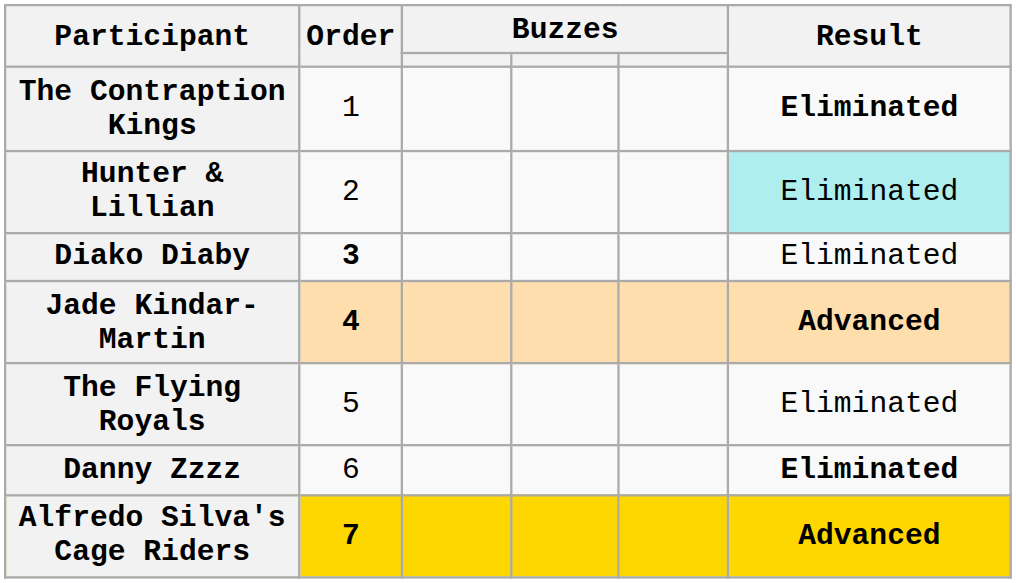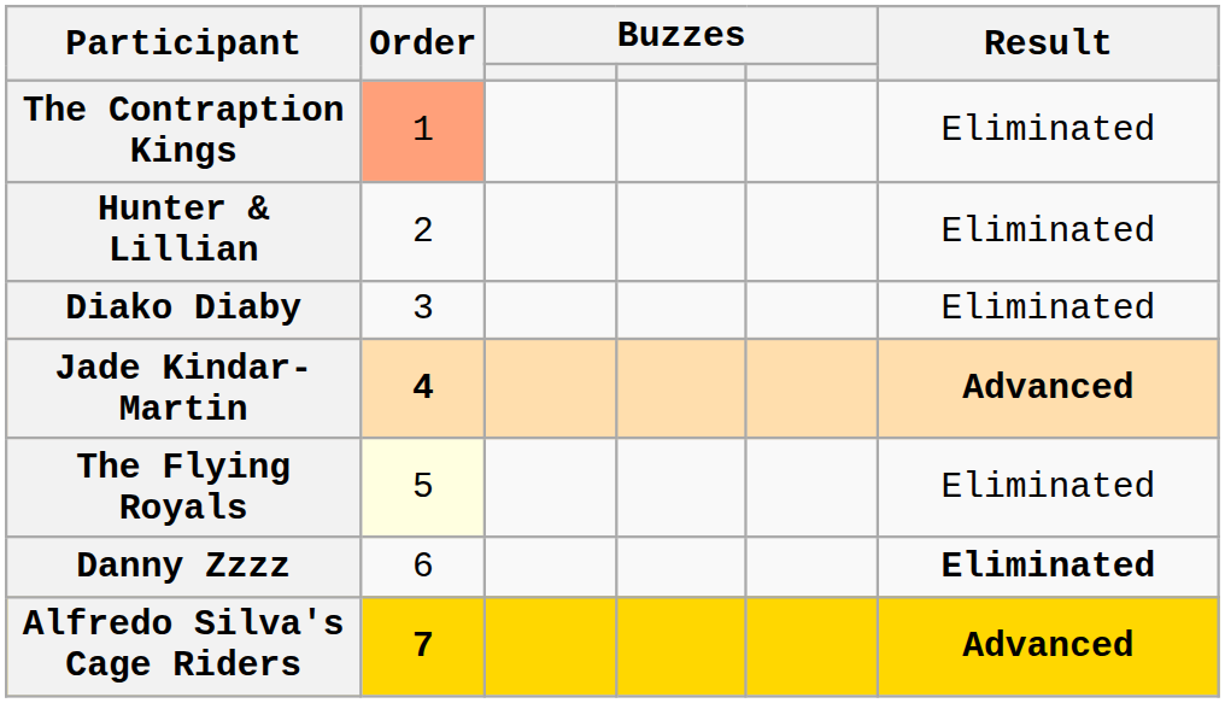 <table class="wikitable plainrowheaders sortable" style="text-align:center" width="50%;">
 <tr>
 <th scope="col" rowspan=2 class="unsortable" style="width:15em;">Participant</th>
 <th scope="col" rowspan=2 style="width:1em;">Order</th>
 <th scope="col" colspan=3 class="unsortable" style="width:24em;">Buzzes</th>
 <th scope="col" rowspan=2 style="width:15em;">Result</th>
 </tr>
 <tr>
 <th scope="col" class="unsortable" style="width:5em;"></th>
 <th scope="col" class="unsortable" style="width:5em;"></th>
 <th scope="col" class="unsortable" style="width:5em;"></th>
 </tr>
 <tr>
 <th>The Contraption Kings</th>
-<td>1</td>
+<td style="background: lightsalmon;">1</td>
 <td></td>
 <td></td>
 <td></td>
-<td><strong>Eliminated</strong></td>
+<td>Eliminated</td>
 </tr>
 <tr>
 <th>Hunter & Lillian</th>
 <td>2</td>
 <td></td>
 <td></td>
 <td></td>
-<td style="background: paleturquoise;">Eliminated</td>
+<td>Eliminated</td>
 </tr>
 <tr>
 <th>Diako Diaby</th>
-<td><strong>3</strong></td>
+<td>3</td>
 <td></td>
 <td></td>
 <td></td>
 <td>Eliminated</td>
 </tr>
 <tr style="background:NavajoWhite">
 <th>Jade Kindar-Martin</th>
 <td><strong>4</strong></td>
 <td></td>
 <td></td>
 <td></td>
 <td><strong>Advanced</strong></td>
 </tr>
 <tr>
 <th>The Flying Royals</th>
-<td>5</td>
+<td style="background: lightyellow;">5</td>
 <td></td>
 <td></td>
 <td></td>
 <td>Eliminated</td>
 </tr>
 <tr>
 <th>Danny Zzzz</th>
 <td>6</td>
 <td></td>
 <td></td>
 <td></td>
 <td><strong>Eliminated</strong></td>
 </tr>
 <tr style="background:gold">
 <th>Alfredo Silva's Cage Riders</th>
 <td><strong>7</strong></td>
 <td></td>
 <td></td>
 <td></td>
 <td><strong>Advanced</strong></td>
 </tr>
 </table>
